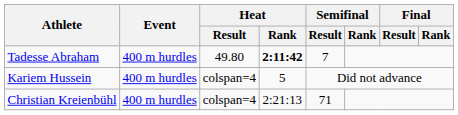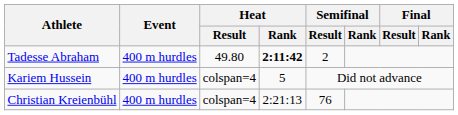 <table class="wikitable" style="font-size:90%">
 <tr>
 <th rowspan="2">Athlete</th>
 <th rowspan="2">Event</th>
 <th colspan="2">Heat</th>
 <th colspan="2">Semifinal</th>
 <th colspan="2">Final</th>
 </tr>
 <tr style="font-size:95%">
 <th>Result</th>
 <th>Rank</th>
 <th>Result</th>
 <th>Rank</th>
 <th>Result</th>
 <th>Rank</th>
 </tr>
 <tr align=center>
 <td align=left><a href='#'>Tadesse Abraham</a></td>
 <td align=left><a href='#'>400 m hurdles</a></td>
 <td>49.80</td>
 <td><strong>2:11:42</strong></td>
-<td>7</td>
+<td>2</td>
 </tr>
 <tr align=center>
 <td align=left><a href='#'>Kariem Hussein</a></td>
 <td align=left><a href='#'>400 m hurdles</a></td>
 <td>colspan=4 </td>
 <td>5</td>
 <td colspan=4>Did not advance</td>
 </tr>
 <tr align=center>
 <td align=left><a href='#'>Christian Kreienbühl</a></td>
 <td align=left><a href='#'>400 m hurdles</a></td>
 <td>colspan=4 </td>
 <td>2:21:13</td>
-<td>71</td>
+<td>76</td>
 </tr>
 </table>
